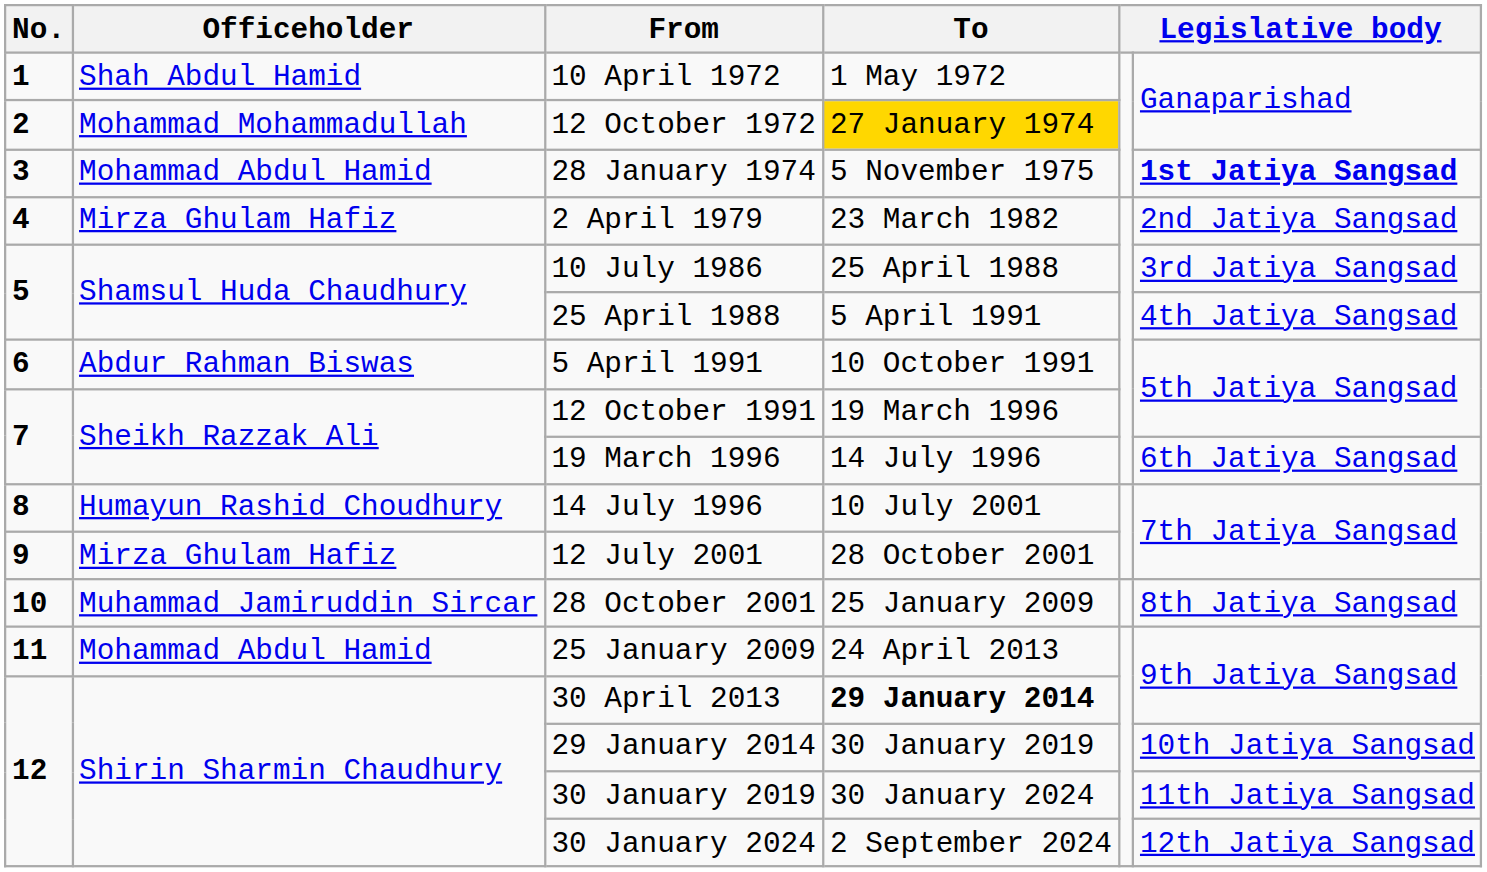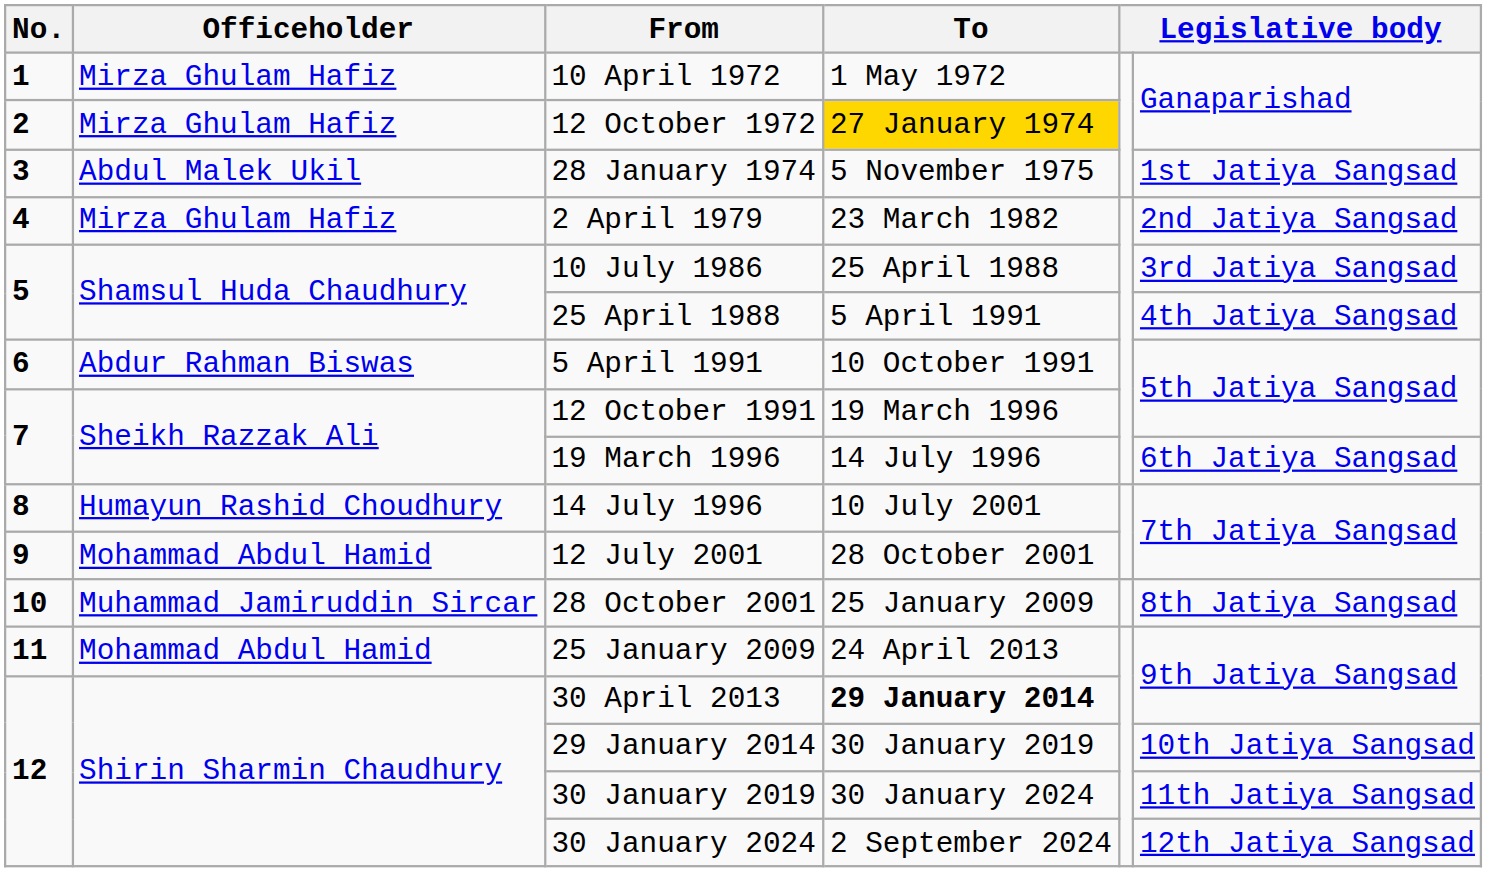 <table class="wikitable">
 <tr>
 <th align=center>No.</th>
 <th align=center>Officeholder</th>
 <th align=center>From</th>
 <th align=center>To</th>
 <th align=center colspan=2><strong><a href='#'>Legislative body</a></strong></th>
 </tr>
 <tr>
 <td><strong>1</strong></td>
-<td><a href='#'>Shah Abdul Hamid</a></td>
+<td><a href='#'>Mirza Ghulam Hafiz</a></td>
 <td>10 April 1972</td>
 <td>1 May 1972</td>
 <td rowspan=3 style="background-color: "></td>
 <td rowspan=2><a href='#'>Ganaparishad</a></td>
 </tr>
 <tr>
 <td><strong>2</strong></td>
-<td><a href='#'>Mohammad Mohammadullah</a></td>
+<td><a href='#'>Mirza Ghulam Hafiz</a></td>
 <td>12 October 1972</td>
 <td style="background: gold;">27 January 1974</td>
 </tr>
 <tr>
 <td><strong>3</strong></td>
-<td><a href='#'>Mohammad Abdul Hamid</a></td>
+<td><a href='#'>Abdul Malek Ukil</a></td>
 <td>28 January 1974</td>
 <td>5 November 1975</td>
-<td><strong><a href='#'>1st Jatiya Sangsad</a></strong></td>
+<td><a href='#'>1st Jatiya Sangsad</a></td>
 </tr>
 <tr>
 <td><strong>4</strong></td>
 <td><a href='#'>Mirza Ghulam Hafiz</a></td>
 <td>2 April 1979</td>
 <td>23 March 1982</td>
 <td rowspan=6 style="background-color: "></td>
 <td><a href='#'>2nd Jatiya Sangsad</a></td>
 </tr>
 <tr>
 <td rowspan="2"><strong>5</strong></td>
 <td rowspan="2"><a href='#'>Shamsul Huda Chaudhury</a></td>
 <td>10 July 1986</td>
 <td>25 April 1988</td>
 <td><a href='#'>3rd Jatiya Sangsad</a></td>
 </tr>
 <tr>
 <td>25 April 1988</td>
 <td>5 April 1991</td>
 <td><a href='#'>4th Jatiya Sangsad</a></td>
 </tr>
 <tr>
 <td><strong>6</strong></td>
 <td><a href='#'>Abdur Rahman Biswas</a></td>
 <td>5 April 1991</td>
 <td>10 October 1991</td>
 <td rowspan="2"><a href='#'>5th Jatiya Sangsad</a></td>
 </tr>
 <tr>
 <td rowspan="2"><strong>7</strong></td>
 <td rowspan="2"><a href='#'>Sheikh Razzak Ali</a></td>
 <td>12 October 1991</td>
 <td>19 March 1996</td>
 </tr>
 <tr>
 <td>19 March 1996</td>
 <td>14 July 1996</td>
 <td><a href='#'>6th Jatiya Sangsad</a></td>
 </tr>
 <tr>
 <td><strong>8</strong></td>
 <td><a href='#'>Humayun Rashid Choudhury</a></td>
 <td>14 July 1996</td>
 <td>10 July 2001</td>
 <td rowspan=2 style="background-color: "></td>
 <td rowspan="2"><a href='#'>7th Jatiya Sangsad</a></td>
 </tr>
 <tr>
 <td><strong>9</strong></td>
-<td><a href='#'>Mirza Ghulam Hafiz</a></td>
+<td><a href='#'>Mohammad Abdul Hamid</a></td>
 <td>12 July 2001</td>
 <td>28 October 2001</td>
 </tr>
 <tr>
 <td><strong>10</strong></td>
 <td><a href='#'>Muhammad Jamiruddin Sircar</a></td>
 <td>28 October 2001</td>
 <td>25 January 2009</td>
 <td rowspan=1 style="background-color: "></td>
 <td><a href='#'>8th Jatiya Sangsad</a></td>
 </tr>
 <tr>
 <td><strong>11</strong></td>
 <td><a href='#'>Mohammad Abdul Hamid</a></td>
 <td>25 January 2009</td>
 <td>24 April 2013</td>
 <td rowspan=5 style="background-color: "></td>
 <td rowspan="2"><a href='#'>9th Jatiya Sangsad</a></td>
 </tr>
 <tr>
 <td rowspan="4"><strong>12</strong></td>
 <td rowspan="4"><a href='#'>Shirin Sharmin Chaudhury</a></td>
 <td>30 April 2013</td>
 <td><strong>29 January 2014</strong></td>
 </tr>
 <tr>
 <td>29 January 2014</td>
 <td>30 January 2019</td>
 <td><a href='#'>10th Jatiya Sangsad</a></td>
 </tr>
 <tr>
 <td>30 January 2019</td>
 <td>30 January 2024</td>
 <td><a href='#'>11th Jatiya Sangsad</a></td>
 </tr>
 <tr>
 <td>30 January 2024</td>
 <td>2 September 2024</td>
 <td><a href='#'>12th Jatiya Sangsad</a></td>
 </tr>
 </table>
